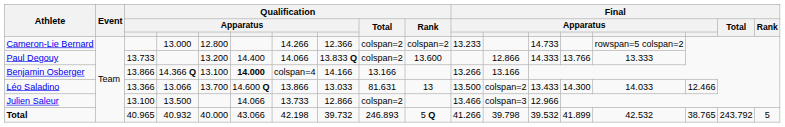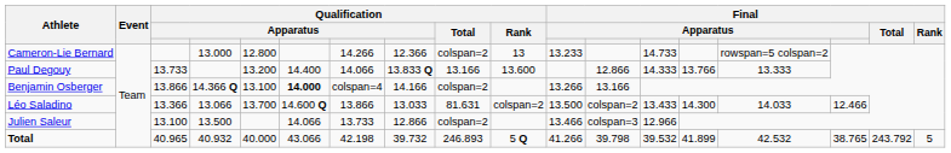 <table class="wikitable" style="font-size:90%">
 <tr>
 <th rowspan=3>Athlete</th>
 <th rowspan=3>Event</th>
 <th colspan =8>Qualification</th>
 <th colspan =8>Final</th>
 </tr>
 <tr style="font-size:95%">
 <th colspan=6>Apparatus</th>
 <th rowspan=2>Total</th>
 <th rowspan=2>Rank</th>
 <th colspan=6>Apparatus</th>
 <th rowspan=2>Total</th>
 <th rowspan=2>Rank</th>
 </tr>
 <tr style="font-size:95%">
 <th></th>
 <th></th>
 <th></th>
 <th></th>
 <th></th>
 <th></th>
 <th></th>
 <th></th>
 <th></th>
 <th></th>
 <th></th>
 <th></th>
 </tr>
 <tr align=center>
 <td align=left><a href='#'>Cameron-Lie Bernard</a></td>
 <td align=left rowspan=6>Team</td>
 <td></td>
 <td>13.000</td>
 <td>12.800</td>
 <td></td>
 <td>14.266</td>
 <td>12.366</td>
 <td>colspan=2</td>
-<td>colspan=2</td>
+<td>13</td>
 <td>13.233</td>
 <td></td>
 <td>14.733</td>
 <td></td>
 <td>rowspan=5 colspan=2</td>
 </tr>
 <tr align=center>
 <td align=left><a href='#'>Paul Degouy</a></td>
 <td>13.733</td>
 <td></td>
 <td>13.200</td>
 <td>14.400</td>
 <td>14.066</td>
 <td>13.833 <strong>Q</strong></td>
-<td>colspan=2</td>
+<td>13.166</td>
 <td>13.600</td>
 <td></td>
 <td>12.866</td>
 <td>14.333</td>
 <td>13.766</td>
 <td>13.333</td>
 </tr>
 <tr align=center>
 <td align=left><a href='#'>Benjamin Osberger</a></td>
 <td>13.866</td>
 <td>14.366 <strong>Q</strong></td>
 <td>13.100</td>
 <td><strong>14.000</strong></td>
 <td>colspan=4</td>
 <td>14.166</td>
-<td>13.166</td>
+<td>colspan=2</td>
 <td></td>
 <td>13.266</td>
 <td>13.166</td>
 </tr>
 <tr align=center>
 <td align=left><a href='#'>Léo Saladino</a></td>
 <td>13.366</td>
 <td>13.066</td>
 <td>13.700</td>
 <td>14.600 <strong>Q</strong></td>
 <td>13.866</td>
 <td>13.033</td>
 <td>81.631</td>
-<td>13</td>
+<td>colspan=2</td>
 <td>13.500</td>
 <td>colspan=2</td>
 <td>13.433</td>
 <td>14.300</td>
 <td>14.033</td>
 <td>12.466</td>
 </tr>
 <tr align=center>
 <td align=left><a href='#'>Julien Saleur</a></td>
 <td>13.100</td>
 <td>13.500</td>
 <td></td>
 <td>14.066</td>
 <td>13.733</td>
 <td>12.866</td>
 <td>colspan=2</td>
 <td></td>
 <td>13.466</td>
 <td>colspan=3</td>
 <td>12.966</td>
 </tr>
 <tr align=center>
 <td align=left><strong>Total</strong></td>
 <td>40.965</td>
 <td>40.932</td>
 <td>40.000</td>
 <td>43.066</td>
 <td>42.198</td>
 <td>39.732</td>
 <td>246.893</td>
 <td>5 <strong>Q</strong></td>
 <td>41.266</td>
 <td>39.798</td>
 <td>39.532</td>
 <td>41.899</td>
 <td>42.532</td>
 <td>38.765</td>
 <td>243.792</td>
 <td>5</td>
 </tr>
 </table>
